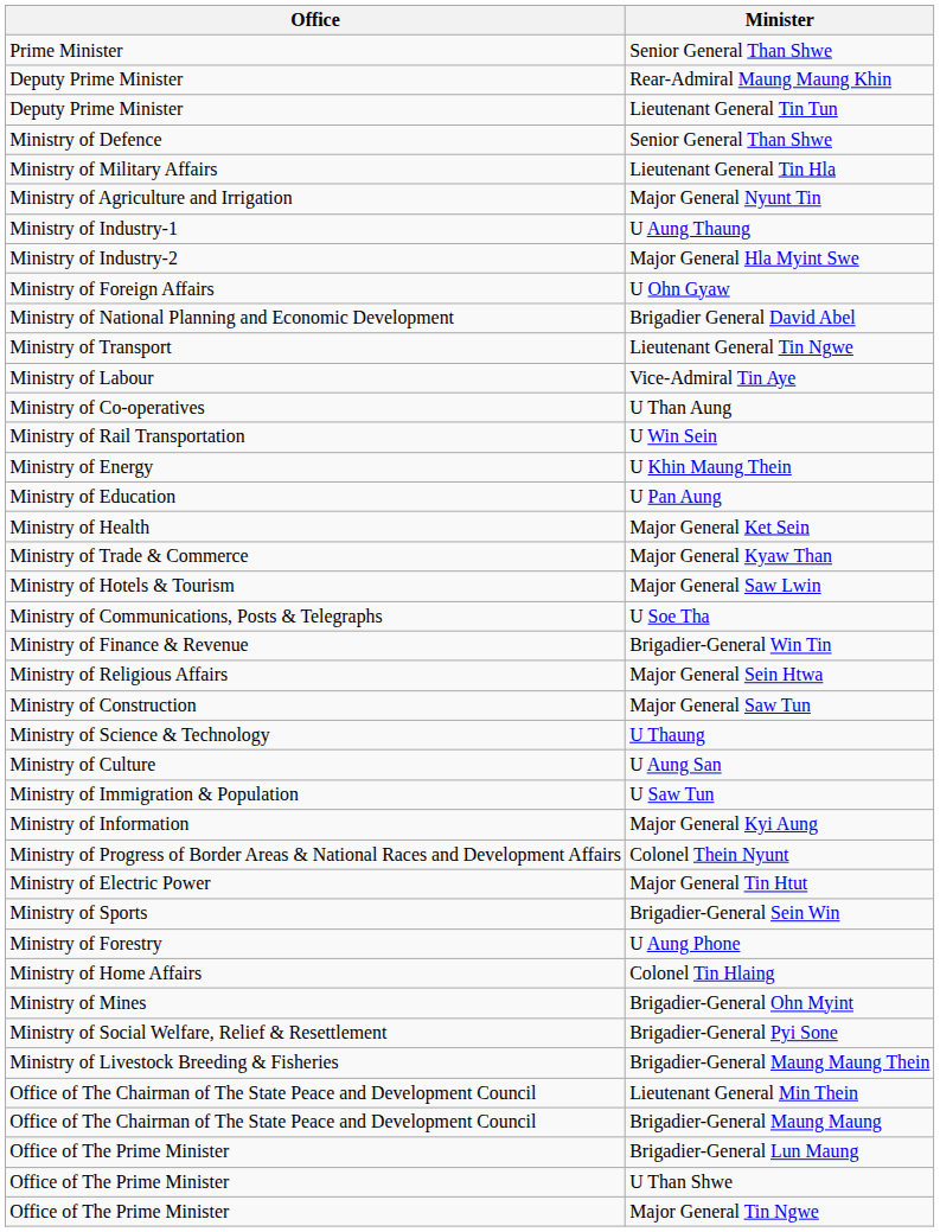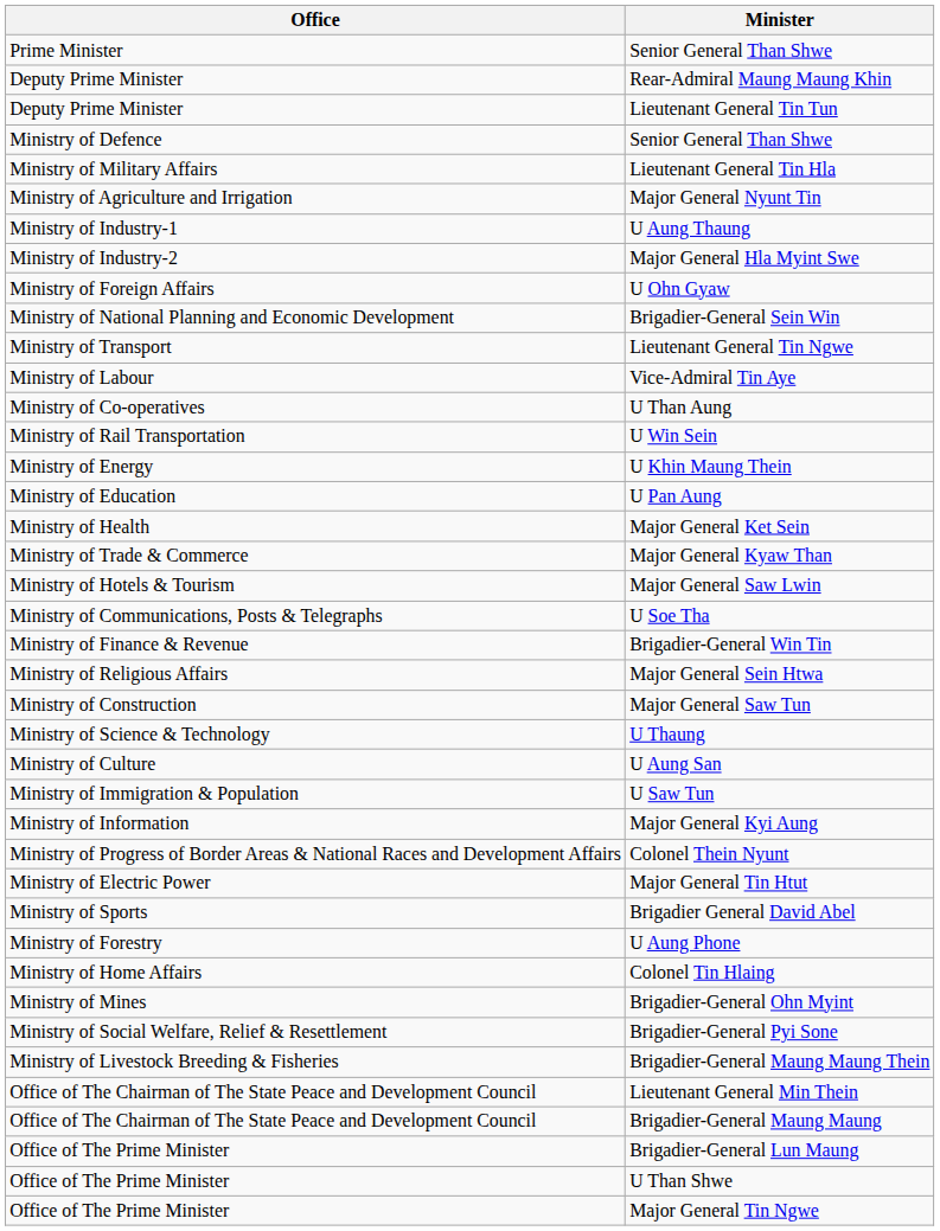 <table class=wikitable>
 <tr>
 <th>Office</th>
 <th>Minister</th>
 </tr>
 <tr>
 <td>Prime Minister</td>
 <td>Senior General <a href='#'>Than Shwe</a></td>
 </tr>
 <tr>
 <td>Deputy Prime Minister</td>
 <td>Rear-Admiral <a href='#'>Maung Maung Khin</a></td>
 </tr>
 <tr>
 <td>Deputy Prime Minister</td>
 <td>Lieutenant General <a href='#'>Tin Tun</a></td>
 </tr>
 <tr>
 <td>Ministry of Defence</td>
 <td>Senior General <a href='#'>Than Shwe</a></td>
 </tr>
 <tr>
 <td>Ministry of Military Affairs</td>
 <td>Lieutenant General <a href='#'>Tin Hla</a></td>
 </tr>
 <tr>
 <td>Ministry of Agriculture and Irrigation</td>
 <td>Major General <a href='#'>Nyunt Tin</a></td>
 </tr>
 <tr>
 <td>Ministry of Industry-1</td>
 <td>U <a href='#'>Aung Thaung</a></td>
 </tr>
 <tr>
 <td>Ministry of Industry-2</td>
 <td>Major General <a href='#'>Hla Myint Swe</a></td>
 </tr>
 <tr>
 <td>Ministry of Foreign Affairs</td>
 <td>U <a href='#'>Ohn Gyaw</a></td>
 </tr>
 <tr>
 <td>Ministry of National Planning and Economic Development</td>
-<td>Brigadier General <a href='#'>David Abel</a></td>
+<td>Brigadier-General <a href='#'>Sein Win</a></td>
 </tr>
 <tr>
 <td>Ministry of Transport</td>
 <td>Lieutenant General <a href='#'>Tin Ngwe</a></td>
 </tr>
 <tr>
 <td>Ministry of Labour</td>
 <td>Vice-Admiral <a href='#'>Tin Aye</a></td>
 </tr>
 <tr>
 <td>Ministry of Co-operatives</td>
 <td>U Than Aung</td>
 </tr>
 <tr>
 <td>Ministry of Rail Transportation</td>
 <td>U <a href='#'>Win Sein</a></td>
 </tr>
 <tr>
 <td>Ministry of Energy</td>
 <td>U <a href='#'>Khin Maung Thein</a></td>
 </tr>
 <tr>
 <td>Ministry of Education</td>
 <td>U <a href='#'>Pan Aung</a></td>
 </tr>
 <tr>
 <td>Ministry of Health</td>
 <td>Major General <a href='#'>Ket Sein</a></td>
 </tr>
 <tr>
 <td>Ministry of Trade & Commerce</td>
 <td>Major General <a href='#'>Kyaw Than</a></td>
 </tr>
 <tr>
 <td>Ministry of Hotels & Tourism</td>
 <td>Major General <a href='#'>Saw Lwin</a></td>
 </tr>
 <tr>
 <td>Ministry of Communications, Posts & Telegraphs</td>
 <td>U <a href='#'>Soe Tha</a></td>
 </tr>
 <tr>
 <td>Ministry of Finance & Revenue</td>
 <td>Brigadier-General <a href='#'>Win Tin</a></td>
 </tr>
 <tr>
 <td>Ministry of Religious Affairs</td>
 <td>Major General <a href='#'>Sein Htwa</a></td>
 </tr>
 <tr>
 <td>Ministry of Construction</td>
 <td>Major General <a href='#'>Saw Tun</a></td>
 </tr>
 <tr>
 <td>Ministry of Science & Technology</td>
 <td><a href='#'>U Thaung</a></td>
 </tr>
 <tr>
 <td>Ministry of Culture</td>
 <td>U <a href='#'>Aung San</a></td>
 </tr>
 <tr>
 <td>Ministry of Immigration & Population</td>
 <td>U <a href='#'>Saw Tun</a></td>
 </tr>
 <tr>
 <td>Ministry of Information</td>
 <td>Major General <a href='#'>Kyi Aung</a></td>
 </tr>
 <tr>
 <td>Ministry of Progress of Border Areas & National Races and Development Affairs</td>
 <td>Colonel <a href='#'>Thein Nyunt</a></td>
 </tr>
 <tr>
 <td>Ministry of Electric Power</td>
 <td>Major General <a href='#'>Tin Htut</a></td>
 </tr>
 <tr>
 <td>Ministry of Sports</td>
-<td>Brigadier-General <a href='#'>Sein Win</a></td>
+<td>Brigadier General <a href='#'>David Abel</a></td>
 </tr>
 <tr>
 <td>Ministry of Forestry</td>
 <td>U <a href='#'>Aung Phone</a></td>
 </tr>
 <tr>
 <td>Ministry of Home Affairs</td>
 <td>Colonel <a href='#'>Tin Hlaing</a></td>
 </tr>
 <tr>
 <td>Ministry of Mines</td>
 <td>Brigadier-General <a href='#'>Ohn Myint</a></td>
 </tr>
 <tr>
 <td>Ministry of Social Welfare, Relief & Resettlement</td>
 <td>Brigadier-General <a href='#'>Pyi Sone</a></td>
 </tr>
 <tr>
 <td>Ministry of Livestock Breeding & Fisheries</td>
 <td>Brigadier-General <a href='#'>Maung Maung Thein</a></td>
 </tr>
 <tr>
 <td>Office of The Chairman of The State Peace and Development Council</td>
 <td>Lieutenant General <a href='#'>Min Thein</a></td>
 </tr>
 <tr>
 <td>Office of The Chairman of The State Peace and Development Council</td>
 <td>Brigadier-General <a href='#'>Maung Maung</a></td>
 </tr>
 <tr>
 <td>Office of The Prime Minister</td>
 <td>Brigadier-General <a href='#'>Lun Maung</a></td>
 </tr>
 <tr>
 <td>Office of The Prime Minister</td>
 <td>U Than Shwe</td>
 </tr>
 <tr>
 <td>Office of The Prime Minister</td>
 <td>Major General <a href='#'>Tin Ngwe</a></td>
 </tr>
 </table>
